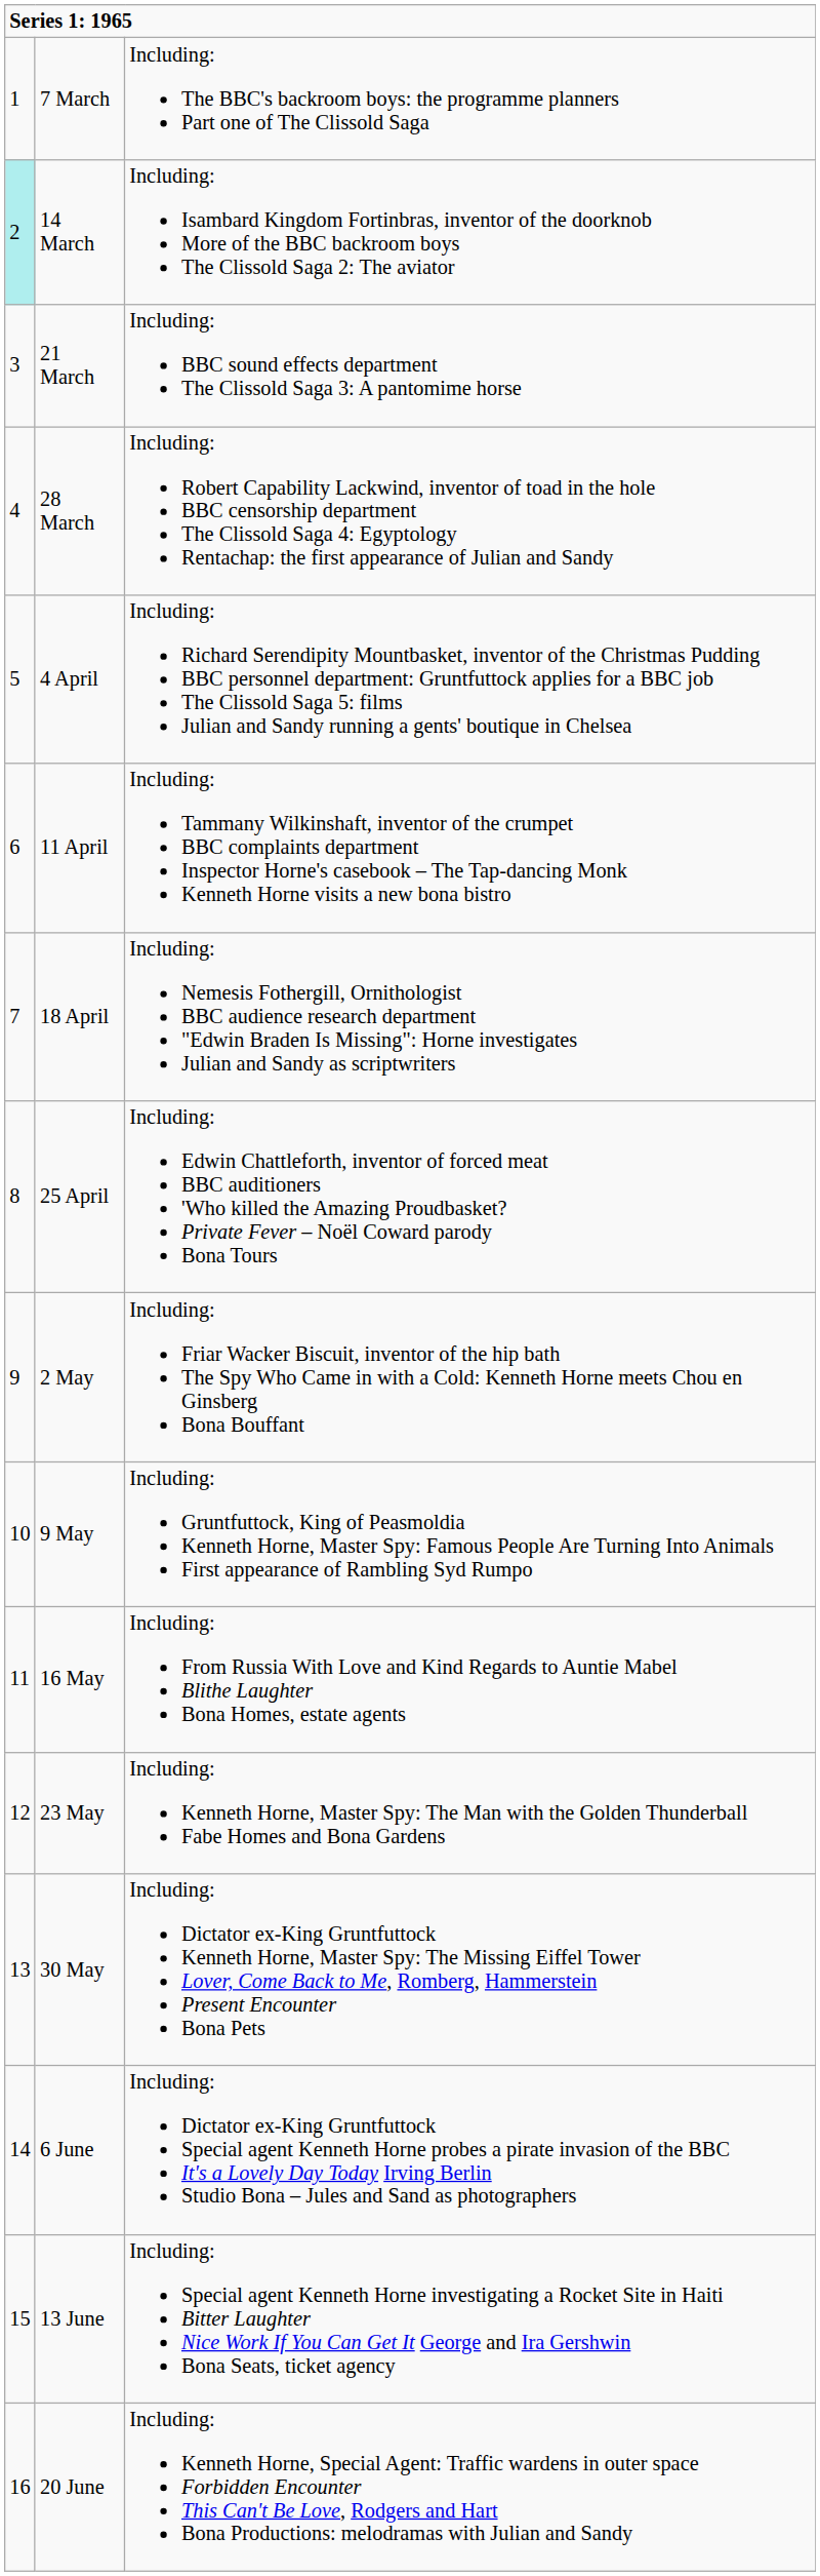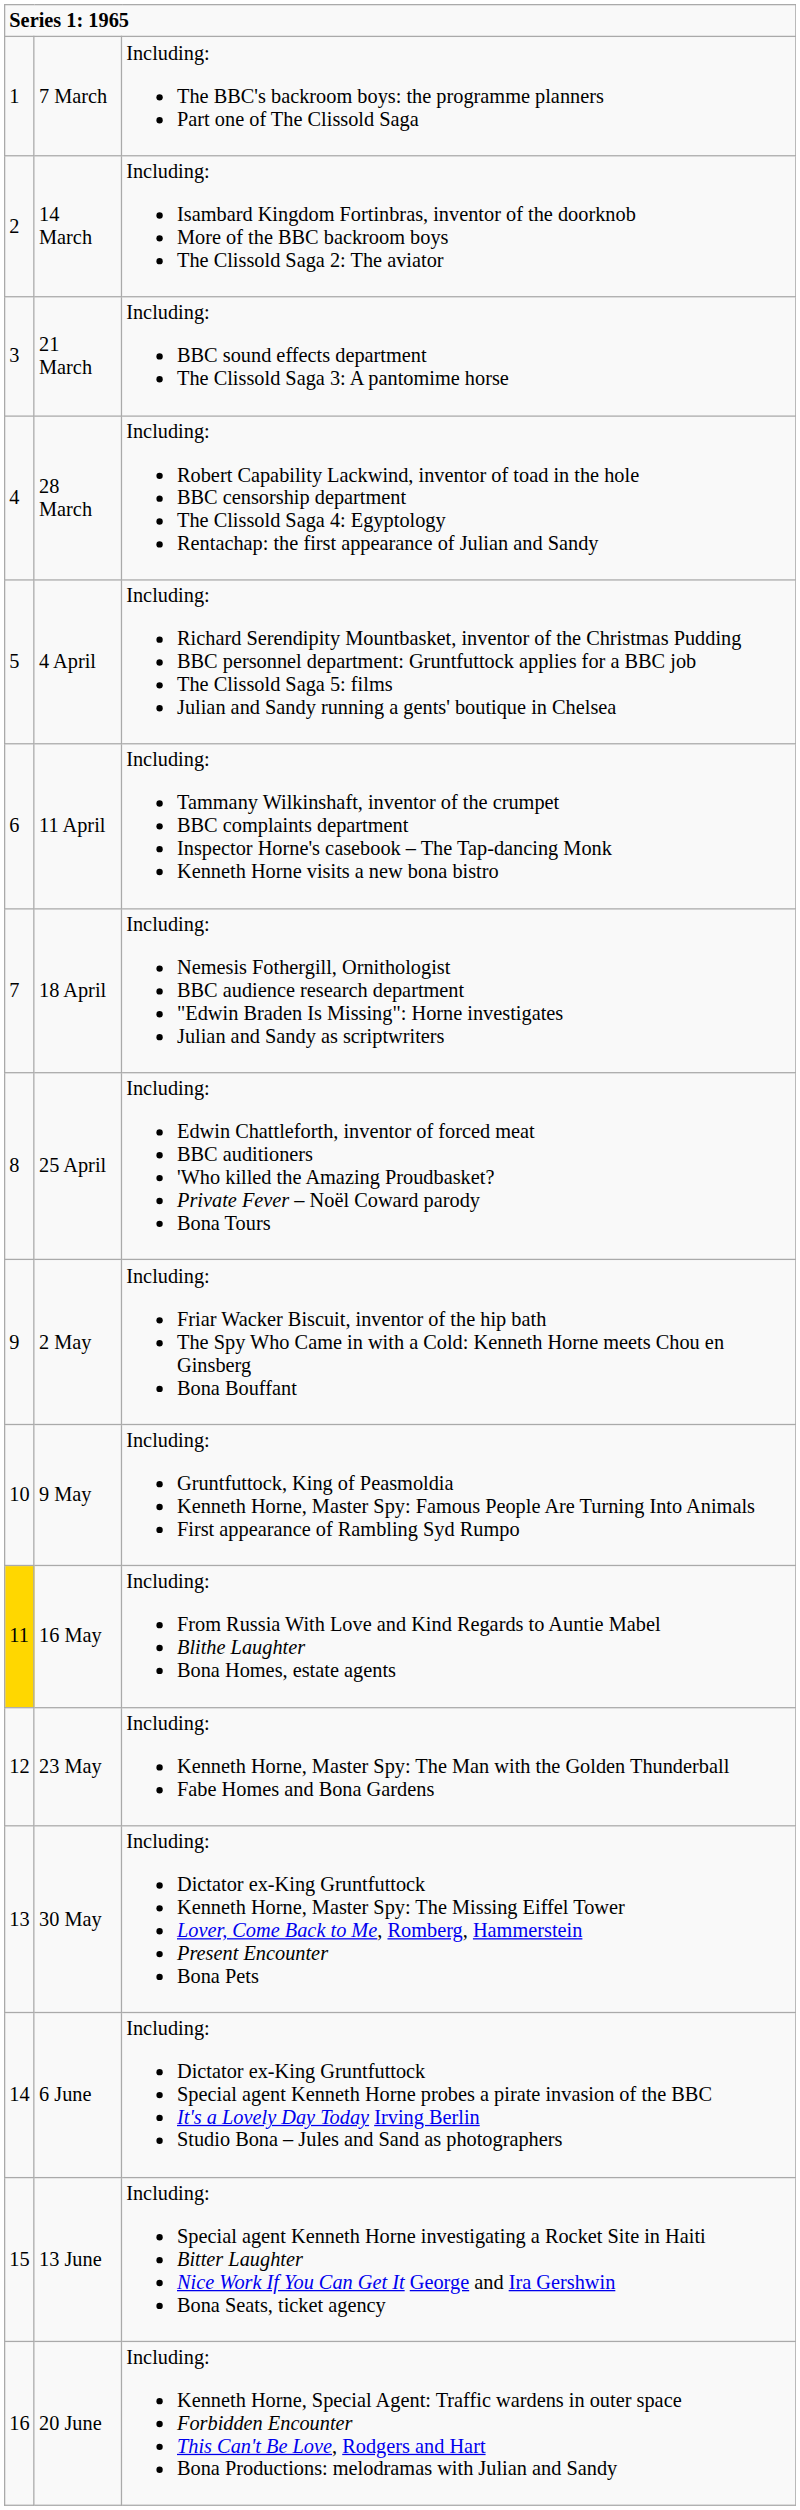 <table class="wikitable sortable plainrowheaders" style="text-align: left; margin-right: 0;">
 <tr>
 <td colspan="3"><strong>Series 1: 1965</strong></td>
 </tr>
 <tr>
 <td>1</td>
 <td>7 March</td>
 <td>Including:<br><ul><li>The BBC's backroom boys: the programme planners</li><li>Part one of The Clissold Saga</li></ul></td>
 </tr>
 <tr>
-<td style="background: paleturquoise;">2</td>
+<td>2</td>
 <td>14 March</td>
 <td>Including:<br><ul><li>Isambard Kingdom Fortinbras, inventor of the doorknob</li><li>More of the BBC backroom boys</li><li>The Clissold Saga 2: The aviator</li></ul></td>
 </tr>
 <tr>
 <td>3</td>
 <td>21 March</td>
 <td>Including:<br><ul><li>BBC sound effects department</li><li>The Clissold Saga 3: A pantomime horse</li></ul></td>
 </tr>
 <tr>
 <td>4</td>
 <td>28 March</td>
 <td>Including:<br><ul><li>Robert Capability Lackwind, inventor of toad in the hole</li><li>BBC censorship department</li><li>The Clissold Saga 4: Egyptology</li><li>Rentachap: the first appearance of Julian and Sandy</li></ul></td>
 </tr>
 <tr>
 <td>5</td>
 <td>4 April</td>
 <td>Including:<br><ul><li>Richard Serendipity Mountbasket, inventor of the Christmas Pudding</li><li>BBC personnel department: Gruntfuttock applies for a BBC job</li><li>The Clissold Saga 5: films</li><li>Julian and Sandy running a gents' boutique in Chelsea</li></ul></td>
 </tr>
 <tr>
 <td>6</td>
 <td>11 April</td>
 <td>Including:<br><ul><li>Tammany Wilkinshaft, inventor of the crumpet</li><li>BBC complaints department</li><li>Inspector Horne's casebook – The Tap-dancing Monk</li><li>Kenneth Horne visits a new bona bistro</li></ul></td>
 </tr>
 <tr>
 <td>7</td>
 <td>18 April</td>
 <td>Including:<br><ul><li>Nemesis Fothergill, Ornithologist</li><li>BBC audience research department</li><li>"Edwin Braden Is Missing": Horne investigates</li><li>Julian and Sandy as scriptwriters</li></ul></td>
 </tr>
 <tr>
 <td>8</td>
 <td>25 April</td>
 <td>Including:<br><ul><li>Edwin Chattleforth, inventor of forced meat</li><li>BBC auditioners</li><li>'Who killed the Amazing Proudbasket?</li><li><em>Private Fever</em> – Noël Coward parody</li><li>Bona Tours</li></ul></td>
 </tr>
 <tr>
 <td>9</td>
 <td>2 May</td>
 <td>Including:<br><ul><li>Friar Wacker Biscuit, inventor of the hip bath</li><li>The Spy Who Came in with a Cold: Kenneth Horne meets Chou en Ginsberg</li><li>Bona Bouffant</li></ul></td>
 </tr>
 <tr>
 <td>10</td>
 <td>9 May</td>
 <td>Including:<br><ul><li>Gruntfuttock, King of Peasmoldia</li><li>Kenneth Horne, Master Spy: Famous People Are Turning Into Animals</li><li>First appearance of Rambling Syd Rumpo</li></ul></td>
 </tr>
 <tr>
-<td>11</td>
+<td style="background: gold;">11</td>
 <td>16 May</td>
 <td>Including:<br><ul><li>From Russia With Love and Kind Regards to Auntie Mabel</li><li><em>Blithe Laughter</em></li><li>Bona Homes, estate agents</li></ul></td>
 </tr>
 <tr>
 <td>12</td>
 <td>23 May</td>
 <td>Including:<br><ul><li>Kenneth Horne, Master Spy: The Man with the Golden Thunderball</li><li>Fabe Homes and Bona Gardens</li></ul></td>
 </tr>
 <tr>
 <td>13</td>
 <td>30 May</td>
 <td>Including:<br><ul><li>Dictator ex-King Gruntfuttock</li><li>Kenneth Horne, Master Spy: The Missing Eiffel Tower</li><li><em><a href='#'>Lover, Come Back to Me</a></em>,  <a href='#'>Romberg</a>, <a href='#'>Hammerstein</a></li><li><em>Present Encounter</em></li><li>Bona Pets</li></ul></td>
 </tr>
 <tr>
 <td>14</td>
 <td>6 June</td>
 <td>Including:<br><ul><li>Dictator ex-King Gruntfuttock</li><li>Special agent Kenneth Horne probes a pirate invasion of the BBC</li><li><em><a href='#'>It's a Lovely Day Today</a></em> <a href='#'>Irving Berlin</a></li><li>Studio Bona – Jules and Sand as photographers</li></ul></td>
 </tr>
 <tr>
 <td>15</td>
 <td>13 June</td>
 <td>Including:<br><ul><li>Special agent Kenneth Horne investigating a Rocket Site in Haiti</li><li><em>Bitter Laughter</em></li><li><em><a href='#'>Nice Work If You Can Get It</a></em>  <a href='#'>George</a> and <a href='#'>Ira Gershwin</a></li><li>Bona Seats, ticket agency</li></ul></td>
 </tr>
 <tr>
 <td>16</td>
 <td>20 June</td>
 <td>Including:<br><ul><li>Kenneth Horne, Special Agent: Traffic wardens in outer space</li><li><em>Forbidden Encounter</em></li><li><em><a href='#'>This Can't Be Love</a></em>, <a href='#'>Rodgers and Hart</a></li><li>Bona Productions: melodramas with Julian and Sandy</li></ul></td>
 </tr>
 </table>
